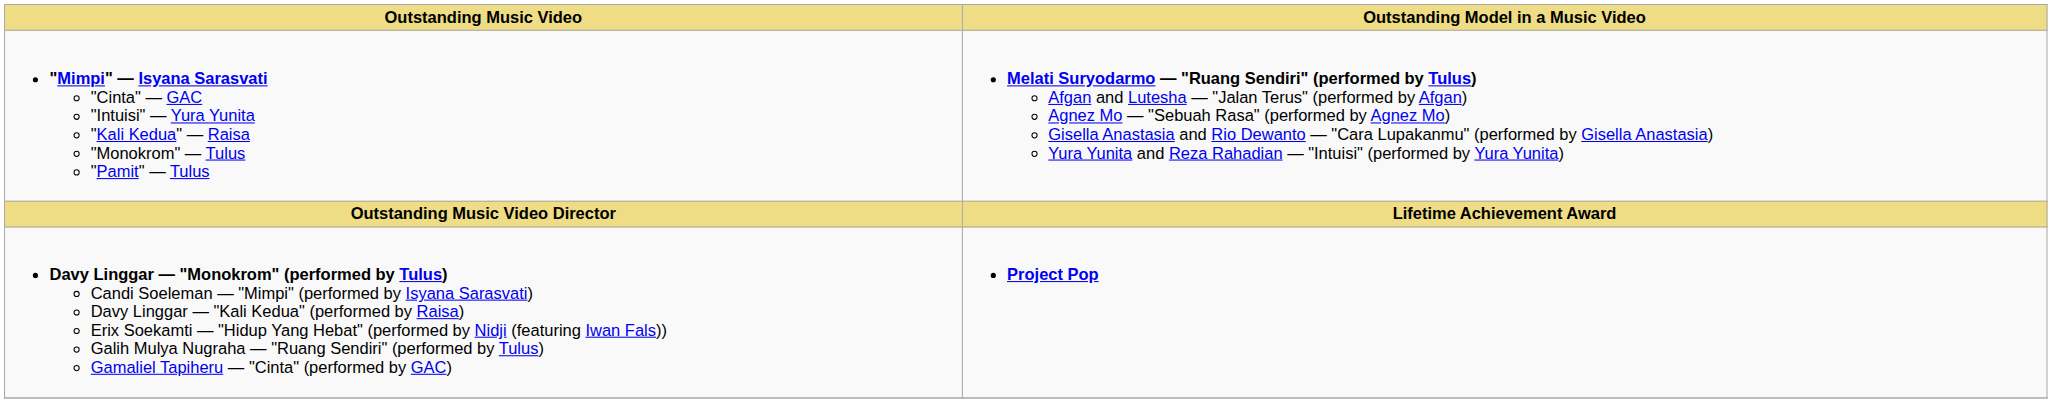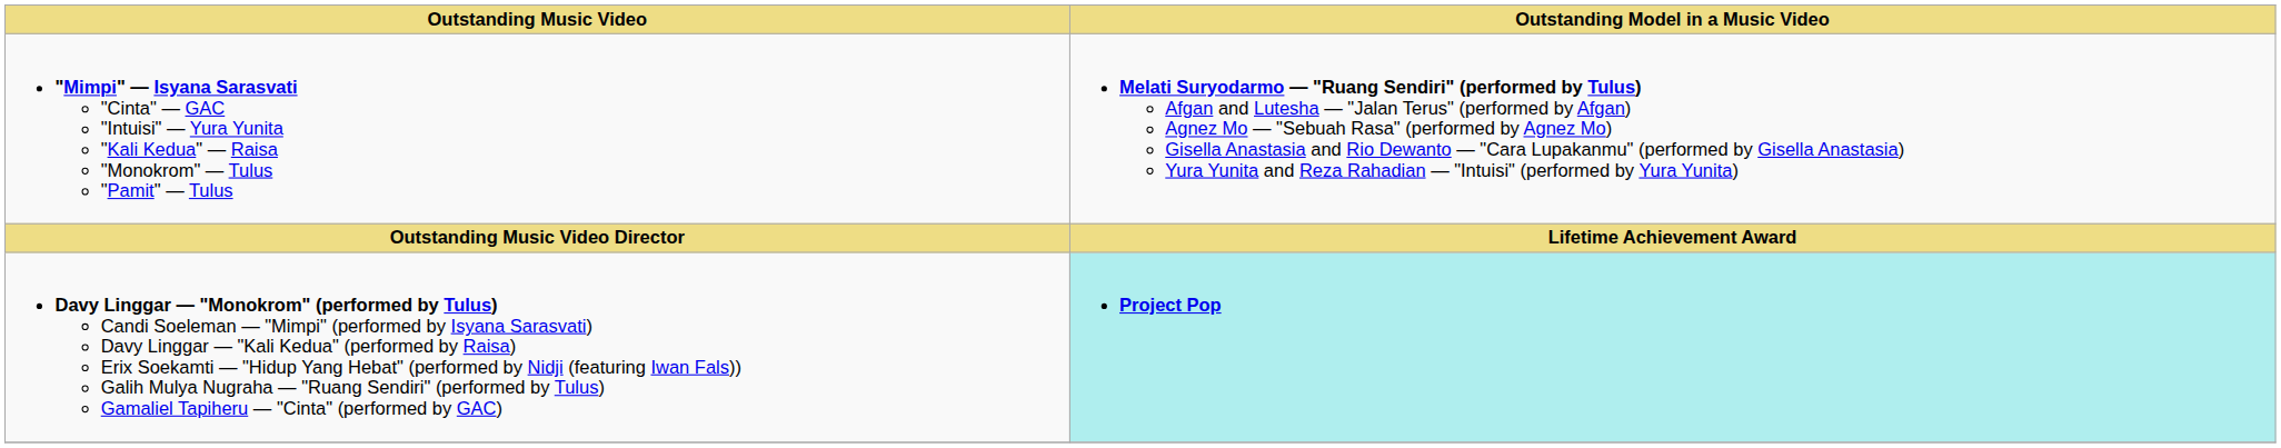 <table class="wikitable" style="width:100%;">
 <tr>
 <th style="background:#EEDD85; width=50%">Outstanding Music Video</th>
 <th style="background:#EEDD85; width=50%">Outstanding Model in a Music Video</th>
 </tr>
 <tr>
 <td valign= "top"><br><ul><li><strong>"<a href='#'>Mimpi</a>" — <a href='#'>Isyana Sarasvati</a></strong><ul><li>"Cinta" — <a href='#'>GAC</a></li><li>"Intuisi" — <a href='#'>Yura Yunita</a></li><li>"<a href='#'>Kali Kedua</a>" — <a href='#'>Raisa</a></li><li>"Monokrom" — <a href='#'>Tulus</a></li><li>"<a href='#'>Pamit</a>" — <a href='#'>Tulus</a></li></ul></li></ul></td>
 <td valign= "top"><br><ul><li><strong><a href='#'>Melati Suryodarmo</a> — "Ruang Sendiri" (performed by <a href='#'>Tulus</a>)</strong><ul><li><a href='#'>Afgan</a> and <a href='#'>Lutesha</a> — "Jalan Terus" (performed by <a href='#'>Afgan</a>)</li><li><a href='#'>Agnez Mo</a> — "Sebuah Rasa" (performed by <a href='#'>Agnez Mo</a>)</li><li><a href='#'>Gisella Anastasia</a> and <a href='#'>Rio Dewanto</a> — "Cara Lupakanmu" (performed by <a href='#'>Gisella Anastasia</a>)</li><li><a href='#'>Yura Yunita</a> and <a href='#'>Reza Rahadian</a> — "Intuisi" (performed by <a href='#'>Yura Yunita</a>)</li></ul></li></ul></td>
 </tr>
 <tr>
 <th style="background:#EEDD85; width=50%">Outstanding Music Video Director</th>
 <th style="background:#EEDD85; width=50%">Lifetime Achievement Award</th>
 </tr>
 <tr>
 <td valign= "top"><br><ul><li><strong>Davy Linggar — "Monokrom" (performed by <a href='#'>Tulus</a>)</strong><ul><li>Candi Soeleman — "Mimpi" (performed by <a href='#'>Isyana Sarasvati</a>)</li><li>Davy Linggar — "Kali Kedua" (performed by <a href='#'>Raisa</a>)</li><li>Erix Soekamti — "Hidup Yang Hebat" (performed by <a href='#'>Nidji</a> (featuring <a href='#'>Iwan Fals</a>))</li><li>Galih Mulya Nugraha — "Ruang Sendiri" (performed by <a href='#'>Tulus</a>)</li><li><a href='#'>Gamaliel Tapiheru</a> — "Cinta" (performed by <a href='#'>GAC</a>)</li></ul></li></ul></td>
-<td valign= "top"><br><ul><li><strong><a href='#'>Project Pop</a></strong></li></ul></td>
+<td valign= "top" style="background: paleturquoise;"><br><ul><li><strong><a href='#'>Project Pop</a></strong></li></ul></td>
 </tr>
 <tr>
 </tr>
 </table>
